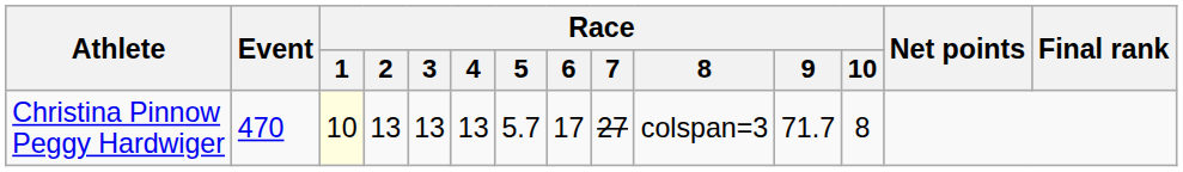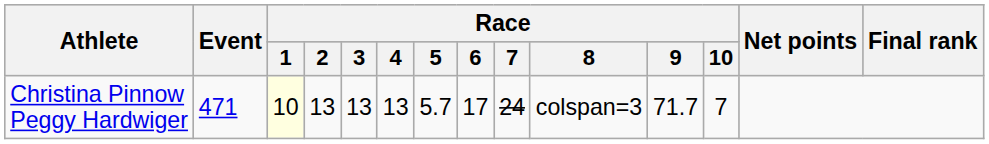 <table class="wikitable" style="font-size:90%">
 <tr>
 <th rowspan=2>Athlete</th>
 <th rowspan=2>Event</th>
 <th colspan=10>Race</th>
 <th rowspan=2>Net points</th>
 <th rowspan=2>Final rank</th>
 </tr>
 <tr style="font-size:95%">
 <th>1</th>
 <th>2</th>
 <th>3</th>
 <th>4</th>
 <th>5</th>
 <th>6</th>
 <th>7</th>
 <th>8</th>
 <th>9</th>
 <th>10</th>
 </tr>
 <tr align=center>
 <td align=left><a href='#'>Christina Pinnow</a><br><a href='#'>Peggy Hardwiger</a></td>
-<td align=left><a href='#'>470</a></td>
+<td align=left><a href='#'>471</a></td>
 <td style="background: lightyellow;">10</td>
 <td>13</td>
 <td>13</td>
 <td>13</td>
 <td>5.7</td>
 <td>17</td>
-<td><s>27</s></td>
+<td><s>24</s></td>
 <td>colspan=3</td>
 <td>71.7</td>
-<td>8</td>
+<td>7</td>
 </tr>
 </table>
